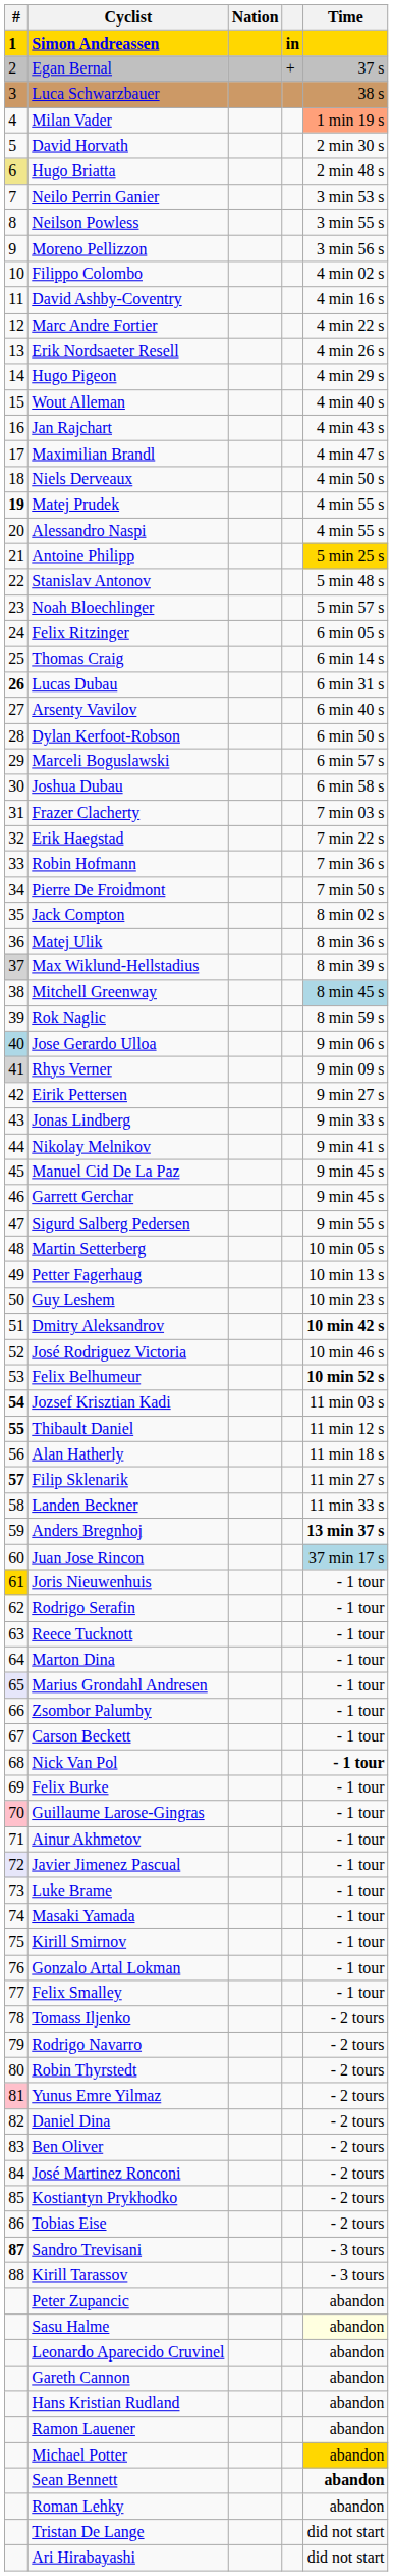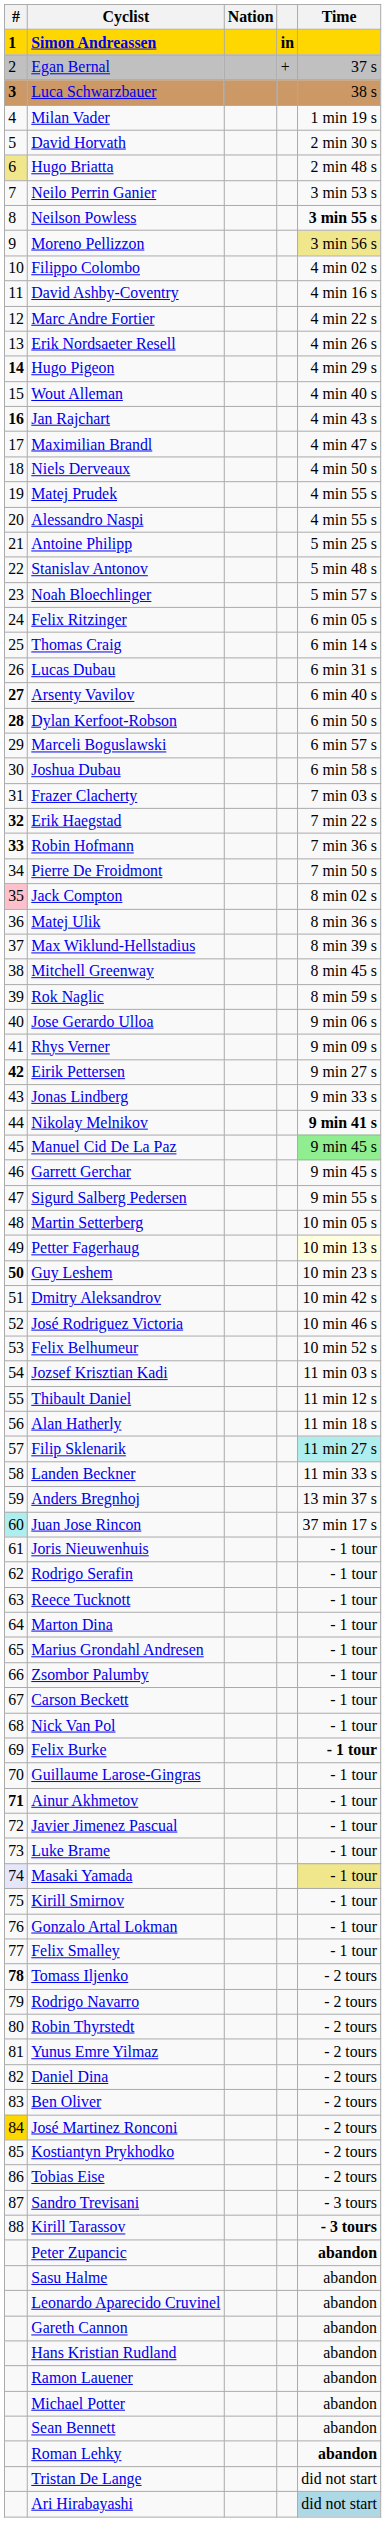 <table class="wikitable">
 <tr>
 <th>#</th>
 <th>Cyclist</th>
 <th>Nation</th>
 <th></th>
 <th>Time</th>
 </tr>
 <tr bgcolor="gold">
 <td><strong>1</strong></td>
 <td><strong><a href='#'>Simon Andreassen</a></strong></td>
 <td><strong></strong></td>
 <td><strong>in </strong></td>
 <td align=right><strong></strong></td>
 </tr>
 <tr bgcolor="silver">
 <td>2</td>
 <td><a href='#'>Egan Bernal</a></td>
 <td></td>
 <td>+</td>
 <td align=right>37 s</td>
 </tr>
 <tr bgcolor="CC9966">
-<td>3</td>
+<td><strong>3</strong></td>
 <td><a href='#'>Luca Schwarzbauer</a></td>
 <td></td>
 <td></td>
 <td align=right>38 s</td>
 </tr>
 <tr>
 <td>4</td>
 <td><a href='#'>Milan Vader</a></td>
 <td></td>
 <td></td>
-<td align=right style="background: lightsalmon;">1 min 19 s</td>
+<td align=right>1 min 19 s</td>
 </tr>
 <tr>
 <td>5</td>
 <td><a href='#'>David Horvath</a></td>
 <td></td>
 <td></td>
 <td align=right>2 min 30 s</td>
 </tr>
 <tr>
 <td style="background: khaki;">6</td>
 <td><a href='#'>Hugo Briatta</a></td>
 <td></td>
 <td></td>
 <td align=right>2 min 48 s</td>
 </tr>
 <tr>
 <td>7</td>
 <td><a href='#'>Neilo Perrin Ganier</a></td>
 <td></td>
 <td></td>
 <td align=right>3 min 53 s</td>
 </tr>
 <tr>
 <td>8</td>
 <td><a href='#'>Neilson Powless</a></td>
 <td></td>
 <td></td>
-<td align=right>3 min 55 s</td>
+<td align=right><strong>3 min 55 s</strong></td>
 </tr>
 <tr>
 <td>9</td>
 <td><a href='#'>Moreno Pellizzon</a></td>
 <td></td>
 <td></td>
-<td align=right>3 min 56 s</td>
+<td align=right style="background: khaki;">3 min 56 s</td>
 </tr>
 <tr>
 <td>10</td>
 <td><a href='#'>Filippo Colombo</a></td>
 <td></td>
 <td></td>
 <td align=right>4 min 02 s</td>
 </tr>
 <tr>
 <td>11</td>
 <td><a href='#'>David Ashby-Coventry</a></td>
 <td></td>
 <td></td>
 <td align=right>4 min 16 s</td>
 </tr>
 <tr>
 <td>12</td>
 <td><a href='#'>Marc Andre Fortier</a></td>
 <td></td>
 <td></td>
 <td align=right>4 min 22 s</td>
 </tr>
 <tr>
 <td>13</td>
 <td><a href='#'>Erik Nordsaeter Resell</a></td>
 <td></td>
 <td></td>
 <td align=right>4 min 26 s</td>
 </tr>
 <tr>
-<td>14</td>
+<td><strong>14</strong></td>
 <td><a href='#'>Hugo Pigeon</a></td>
 <td></td>
 <td></td>
 <td align=right>4 min 29 s</td>
 </tr>
 <tr>
 <td>15</td>
 <td><a href='#'>Wout Alleman</a></td>
 <td></td>
 <td></td>
 <td align=right>4 min 40 s</td>
 </tr>
 <tr>
-<td>16</td>
+<td><strong>16</strong></td>
 <td><a href='#'>Jan Rajchart</a></td>
 <td></td>
 <td></td>
 <td align=right>4 min 43 s</td>
 </tr>
 <tr>
 <td>17</td>
 <td><a href='#'>Maximilian Brandl</a></td>
 <td></td>
 <td></td>
 <td align=right>4 min 47 s</td>
 </tr>
 <tr>
 <td>18</td>
 <td><a href='#'>Niels Derveaux</a></td>
 <td></td>
 <td></td>
 <td align=right>4 min 50 s</td>
 </tr>
 <tr>
-<td><strong>19</strong></td>
+<td>19</td>
 <td><a href='#'>Matej Prudek</a></td>
 <td></td>
 <td></td>
 <td align=right>4 min 55 s</td>
 </tr>
 <tr>
 <td>20</td>
 <td><a href='#'>Alessandro Naspi</a></td>
 <td></td>
 <td></td>
 <td align=right>4 min 55 s</td>
 </tr>
 <tr>
 <td>21</td>
 <td><a href='#'>Antoine Philipp</a></td>
 <td></td>
 <td></td>
-<td align=right style="background: gold;">5 min 25 s</td>
+<td align=right>5 min 25 s</td>
 </tr>
 <tr>
 <td>22</td>
 <td><a href='#'>Stanislav Antonov</a></td>
 <td></td>
 <td></td>
 <td align=right>5 min 48 s</td>
 </tr>
 <tr>
 <td>23</td>
 <td><a href='#'>Noah Bloechlinger</a></td>
 <td></td>
 <td></td>
 <td align=right>5 min 57 s</td>
 </tr>
 <tr>
 <td>24</td>
 <td><a href='#'>Felix Ritzinger</a></td>
 <td></td>
 <td></td>
 <td align=right>6 min 05 s</td>
 </tr>
 <tr>
 <td>25</td>
 <td><a href='#'>Thomas Craig</a></td>
 <td></td>
 <td></td>
 <td align=right>6 min 14 s</td>
 </tr>
 <tr>
-<td><strong>26</strong></td>
+<td>26</td>
 <td><a href='#'>Lucas Dubau</a></td>
 <td></td>
 <td></td>
 <td align=right>6 min 31 s</td>
 </tr>
 <tr>
-<td>27</td>
+<td><strong>27</strong></td>
 <td><a href='#'>Arsenty Vavilov</a></td>
 <td></td>
 <td></td>
 <td align=right>6 min 40 s</td>
 </tr>
 <tr>
-<td>28</td>
+<td><strong>28</strong></td>
 <td><a href='#'>Dylan Kerfoot-Robson</a></td>
 <td></td>
 <td></td>
 <td align=right>6 min 50 s</td>
 </tr>
 <tr>
 <td>29</td>
 <td><a href='#'>Marceli Boguslawski</a></td>
 <td></td>
 <td></td>
 <td align=right>6 min 57 s</td>
 </tr>
 <tr>
 <td>30</td>
 <td><a href='#'>Joshua Dubau</a></td>
 <td></td>
 <td></td>
 <td align=right>6 min 58 s</td>
 </tr>
 <tr>
 <td>31</td>
 <td><a href='#'>Frazer Clacherty</a></td>
 <td></td>
 <td></td>
 <td align=right>7 min 03 s</td>
 </tr>
 <tr>
-<td>32</td>
+<td><strong>32</strong></td>
 <td><a href='#'>Erik Haegstad</a></td>
 <td></td>
 <td></td>
 <td align=right>7 min 22 s</td>
 </tr>
 <tr>
-<td>33</td>
+<td><strong>33</strong></td>
 <td><a href='#'>Robin Hofmann</a></td>
 <td></td>
 <td></td>
 <td align=right>7 min 36 s</td>
 </tr>
 <tr>
 <td>34</td>
 <td><a href='#'>Pierre De Froidmont</a></td>
 <td></td>
 <td></td>
 <td align=right>7 min 50 s</td>
 </tr>
 <tr>
-<td>35</td>
+<td style="background: pink;">35</td>
 <td><a href='#'>Jack Compton</a></td>
 <td></td>
 <td></td>
 <td align=right>8 min 02 s</td>
 </tr>
 <tr>
 <td>36</td>
 <td><a href='#'>Matej Ulik</a></td>
 <td></td>
 <td></td>
 <td align=right>8 min 36 s</td>
 </tr>
 <tr>
-<td style="background: lightgrey;">37</td>
+<td>37</td>
 <td><a href='#'>Max Wiklund-Hellstadius</a></td>
 <td></td>
 <td></td>
 <td align=right>8 min 39 s</td>
 </tr>
 <tr>
 <td>38</td>
 <td><a href='#'>Mitchell Greenway</a></td>
 <td></td>
 <td></td>
-<td align=right style="background: lightblue;">8 min 45 s</td>
+<td align=right>8 min 45 s</td>
 </tr>
 <tr>
 <td>39</td>
 <td><a href='#'>Rok Naglic</a></td>
 <td></td>
 <td></td>
 <td align=right>8 min 59 s</td>
 </tr>
 <tr>
-<td style="background: lightblue;">40</td>
+<td>40</td>
 <td><a href='#'>Jose Gerardo Ulloa</a></td>
 <td></td>
 <td></td>
 <td align=right>9 min 06 s</td>
 </tr>
 <tr>
-<td style="background: lightgrey;">41</td>
+<td>41</td>
 <td><a href='#'>Rhys Verner</a></td>
 <td></td>
 <td></td>
 <td align=right>9 min 09 s</td>
 </tr>
 <tr>
-<td>42</td>
+<td><strong>42</strong></td>
 <td><a href='#'>Eirik Pettersen</a></td>
 <td></td>
 <td></td>
 <td align=right>9 min 27 s</td>
 </tr>
 <tr>
 <td>43</td>
 <td><a href='#'>Jonas Lindberg</a></td>
 <td></td>
 <td></td>
 <td align=right>9 min 33 s</td>
 </tr>
 <tr>
 <td>44</td>
 <td><a href='#'>Nikolay Melnikov</a></td>
 <td></td>
 <td></td>
-<td align=right>9 min 41 s</td>
+<td align=right><strong>9 min 41 s</strong></td>
 </tr>
 <tr>
 <td>45</td>
 <td><a href='#'>Manuel Cid De La Paz</a></td>
 <td></td>
 <td></td>
-<td align=right>9 min 45 s</td>
+<td align=right style="background: lightgreen;">9 min 45 s</td>
 </tr>
 <tr>
 <td>46</td>
 <td><a href='#'>Garrett Gerchar</a></td>
 <td></td>
 <td></td>
 <td align=right>9 min 45 s</td>
 </tr>
 <tr>
 <td>47</td>
 <td><a href='#'>Sigurd Salberg Pedersen</a></td>
 <td></td>
 <td></td>
 <td align=right>9 min 55 s</td>
 </tr>
 <tr>
 <td>48</td>
 <td><a href='#'>Martin Setterberg</a></td>
 <td></td>
 <td></td>
 <td align=right>10 min 05 s</td>
 </tr>
 <tr>
 <td>49</td>
 <td><a href='#'>Petter Fagerhaug</a></td>
 <td></td>
 <td></td>
-<td align=right>10 min 13 s</td>
+<td align=right style="background: lightyellow;">10 min 13 s</td>
 </tr>
 <tr>
-<td>50</td>
+<td><strong>50</strong></td>
 <td><a href='#'>Guy Leshem</a></td>
 <td></td>
 <td></td>
 <td align=right>10 min 23 s</td>
 </tr>
 <tr>
 <td>51</td>
 <td><a href='#'>Dmitry Aleksandrov</a></td>
 <td></td>
 <td></td>
-<td align=right><strong>10 min 42 s</strong></td>
+<td align=right>10 min 42 s</td>
 </tr>
 <tr>
 <td>52</td>
 <td><a href='#'>José Rodriguez Victoria</a></td>
 <td></td>
 <td></td>
 <td align=right>10 min 46 s</td>
 </tr>
 <tr>
 <td>53</td>
 <td><a href='#'>Felix Belhumeur</a></td>
 <td></td>
 <td></td>
-<td align=right><strong>10 min 52 s</strong></td>
+<td align=right>10 min 52 s</td>
 </tr>
 <tr>
-<td><strong>54</strong></td>
+<td>54</td>
 <td><a href='#'>Jozsef Krisztian Kadi</a></td>
 <td></td>
 <td></td>
 <td align=right>11 min 03 s</td>
 </tr>
 <tr>
-<td><strong>55</strong></td>
+<td>55</td>
 <td><a href='#'>Thibault Daniel</a></td>
 <td></td>
 <td></td>
 <td align=right>11 min 12 s</td>
 </tr>
 <tr>
 <td>56</td>
 <td><a href='#'>Alan Hatherly</a></td>
 <td></td>
 <td></td>
 <td align=right>11 min 18 s</td>
 </tr>
 <tr>
-<td><strong>57</strong></td>
+<td>57</td>
 <td><a href='#'>Filip Sklenarik</a></td>
 <td></td>
 <td></td>
-<td align=right>11 min 27 s</td>
+<td align=right style="background: paleturquoise;">11 min 27 s</td>
 </tr>
 <tr>
 <td>58</td>
 <td><a href='#'>Landen Beckner</a></td>
 <td></td>
 <td></td>
 <td align=right>11 min 33 s</td>
 </tr>
 <tr>
 <td>59</td>
 <td><a href='#'>Anders Bregnhoj</a></td>
 <td></td>
 <td></td>
-<td align=right><strong>13 min 37 s</strong></td>
+<td align=right>13 min 37 s</td>
 </tr>
 <tr>
-<td>60</td>
+<td style="background: paleturquoise;">60</td>
 <td><a href='#'>Juan Jose Rincon</a></td>
 <td></td>
 <td></td>
-<td align=right style="background: lightblue;">37 min 17 s</td>
+<td align=right>37 min 17 s</td>
 </tr>
 <tr>
-<td style="background: gold;">61</td>
+<td>61</td>
 <td><a href='#'>Joris Nieuwenhuis</a></td>
 <td></td>
 <td></td>
 <td align=right>- 1 tour</td>
 </tr>
 <tr>
 <td>62</td>
 <td><a href='#'>Rodrigo Serafin</a></td>
 <td></td>
 <td></td>
 <td align=right>- 1 tour</td>
 </tr>
 <tr>
 <td>63</td>
 <td><a href='#'>Reece Tucknott</a></td>
 <td></td>
 <td></td>
 <td align=right>- 1 tour</td>
 </tr>
 <tr>
 <td>64</td>
 <td><a href='#'>Marton Dina</a></td>
 <td></td>
 <td></td>
 <td align=right>- 1 tour</td>
 </tr>
 <tr>
-<td style="background: lavender;">65</td>
+<td>65</td>
 <td><a href='#'>Marius Grondahl Andresen</a></td>
 <td></td>
 <td></td>
 <td align=right>- 1 tour</td>
 </tr>
 <tr>
 <td>66</td>
 <td><a href='#'>Zsombor Palumby</a></td>
 <td></td>
 <td></td>
 <td align=right>- 1 tour</td>
 </tr>
 <tr>
 <td>67</td>
 <td><a href='#'>Carson Beckett</a></td>
 <td></td>
 <td></td>
 <td align=right>- 1 tour</td>
 </tr>
 <tr>
 <td>68</td>
 <td><a href='#'>Nick Van Pol</a></td>
 <td></td>
 <td></td>
-<td align=right><strong>- 1 tour</strong></td>
+<td align=right>- 1 tour</td>
 </tr>
 <tr>
 <td>69</td>
 <td><a href='#'>Felix Burke</a></td>
 <td></td>
 <td></td>
-<td align=right>- 1 tour</td>
+<td align=right><strong>- 1 tour</strong></td>
 </tr>
 <tr>
-<td style="background: pink;">70</td>
+<td>70</td>
 <td><a href='#'>Guillaume Larose-Gingras</a></td>
 <td></td>
 <td></td>
 <td align=right>- 1 tour</td>
 </tr>
 <tr>
-<td>71</td>
+<td><strong>71</strong></td>
 <td><a href='#'>Ainur Akhmetov</a></td>
 <td></td>
 <td></td>
 <td align=right>- 1 tour</td>
 </tr>
 <tr>
-<td style="background: lavender;">72</td>
+<td>72</td>
 <td><a href='#'>Javier Jimenez Pascual</a></td>
 <td></td>
 <td></td>
 <td align=right>- 1 tour</td>
 </tr>
 <tr>
 <td>73</td>
 <td><a href='#'>Luke Brame</a></td>
 <td></td>
 <td></td>
 <td align=right>- 1 tour</td>
 </tr>
 <tr>
-<td>74</td>
+<td style="background: lavender;">74</td>
 <td><a href='#'>Masaki Yamada</a></td>
 <td></td>
 <td></td>
-<td align=right>- 1 tour</td>
+<td align=right style="background: khaki;">- 1 tour</td>
 </tr>
 <tr>
 <td>75</td>
 <td><a href='#'>Kirill Smirnov</a></td>
 <td></td>
 <td></td>
 <td align=right>- 1 tour</td>
 </tr>
 <tr>
 <td>76</td>
 <td><a href='#'>Gonzalo Artal Lokman</a></td>
 <td></td>
 <td></td>
 <td align=right>- 1 tour</td>
 </tr>
 <tr>
 <td>77</td>
 <td><a href='#'>Felix Smalley</a></td>
 <td></td>
 <td></td>
 <td align=right>- 1 tour</td>
 </tr>
 <tr>
-<td>78</td>
+<td><strong>78</strong></td>
 <td><a href='#'>Tomass Iljenko</a></td>
 <td></td>
 <td></td>
 <td align=right>- 2 tours</td>
 </tr>
 <tr>
 <td>79</td>
 <td><a href='#'>Rodrigo Navarro</a></td>
 <td></td>
 <td></td>
 <td align=right>- 2 tours</td>
 </tr>
 <tr>
 <td>80</td>
 <td><a href='#'>Robin Thyrstedt</a></td>
 <td></td>
 <td></td>
 <td align=right>- 2 tours</td>
 </tr>
 <tr>
-<td style="background: pink;">81</td>
+<td>81</td>
 <td><a href='#'>Yunus Emre Yilmaz</a></td>
 <td></td>
 <td></td>
 <td align=right>- 2 tours</td>
 </tr>
 <tr>
 <td>82</td>
 <td><a href='#'>Daniel Dina</a></td>
 <td></td>
 <td></td>
 <td align=right>- 2 tours</td>
 </tr>
 <tr>
 <td>83</td>
 <td><a href='#'>Ben Oliver</a></td>
 <td></td>
 <td></td>
 <td align=right>- 2 tours</td>
 </tr>
 <tr>
-<td>84</td>
+<td style="background: gold;">84</td>
 <td><a href='#'>José Martinez Ronconi</a></td>
 <td></td>
 <td></td>
 <td align=right>- 2 tours</td>
 </tr>
 <tr>
 <td>85</td>
 <td><a href='#'>Kostiantyn Prykhodko</a></td>
 <td></td>
 <td></td>
 <td align=right>- 2 tours</td>
 </tr>
 <tr>
 <td>86</td>
 <td><a href='#'>Tobias Eise</a></td>
 <td></td>
 <td></td>
 <td align=right>- 2 tours</td>
 </tr>
 <tr>
-<td><strong>87</strong></td>
+<td>87</td>
 <td><a href='#'>Sandro Trevisani</a></td>
 <td></td>
 <td></td>
 <td align=right>- 3 tours</td>
 </tr>
 <tr>
 <td>88</td>
 <td><a href='#'>Kirill Tarassov</a></td>
 <td></td>
 <td></td>
-<td align=right>- 3 tours</td>
+<td align=right><strong>- 3 tours</strong></td>
 </tr>
 <tr>
 <td></td>
 <td><a href='#'>Peter Zupancic</a></td>
 <td></td>
 <td></td>
-<td align=right>abandon</td>
+<td align=right><strong>abandon</strong></td>
 </tr>
 <tr>
 <td></td>
 <td><a href='#'>Sasu Halme</a></td>
 <td></td>
 <td></td>
-<td align=right style="background: lightyellow;">abandon</td>
+<td align=right>abandon</td>
 </tr>
 <tr>
 <td></td>
 <td><a href='#'>Leonardo Aparecido Cruvinel</a></td>
 <td></td>
 <td></td>
 <td align=right>abandon</td>
 </tr>
 <tr>
 <td></td>
 <td><a href='#'>Gareth Cannon</a></td>
 <td></td>
 <td></td>
 <td align=right>abandon</td>
 </tr>
 <tr>
 <td></td>
 <td><a href='#'>Hans Kristian Rudland</a></td>
 <td></td>
 <td></td>
 <td align=right>abandon</td>
 </tr>
 <tr>
 <td></td>
 <td><a href='#'>Ramon Lauener</a></td>
 <td></td>
 <td></td>
 <td align=right>abandon</td>
 </tr>
 <tr>
 <td></td>
 <td><a href='#'>Michael Potter</a></td>
 <td></td>
 <td></td>
-<td align=right style="background: gold;">abandon</td>
+<td align=right>abandon</td>
 </tr>
 <tr>
 <td></td>
 <td><a href='#'>Sean Bennett</a></td>
 <td></td>
 <td></td>
-<td align=right><strong>abandon</strong></td>
+<td align=right>abandon</td>
 </tr>
 <tr>
 <td></td>
 <td><a href='#'>Roman Lehky</a></td>
 <td></td>
 <td></td>
-<td align=right>abandon</td>
+<td align=right><strong>abandon</strong></td>
 </tr>
 <tr>
 <td></td>
 <td><a href='#'>Tristan De Lange</a></td>
 <td></td>
 <td></td>
 <td align=right>did not start</td>
 </tr>
 <tr>
 <td></td>
 <td><a href='#'>Ari Hirabayashi</a></td>
 <td></td>
 <td></td>
-<td align=right>did not start</td>
+<td align=right style="background: lightblue;">did not start</td>
 </tr>
 </table>
